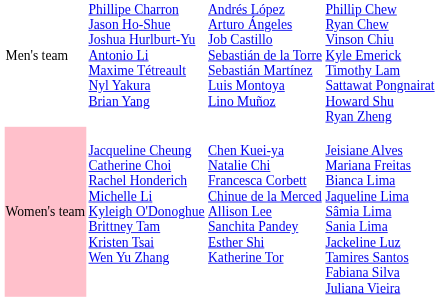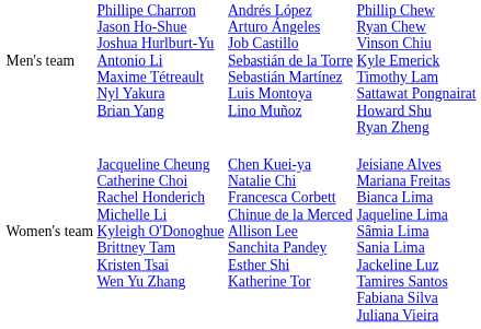 <table>
 <tr>
 <td>Men's team</td>
 <td align="left" valign="top"><br><a href='#'>Phillipe Charron</a><br><a href='#'>Jason Ho-Shue</a><br><a href='#'>Joshua Hurlburt-Yu</a><br><a href='#'>Antonio Li</a><br><a href='#'>Maxime Tétreault</a><br><a href='#'>Nyl Yakura</a><br><a href='#'>Brian Yang</a></td>
 <td align="left" valign="top"><br><a href='#'>Andrés López</a><br><a href='#'>Arturo Ángeles</a><br><a href='#'>Job Castillo</a><br><a href='#'>Sebastián de la Torre</a><br><a href='#'>Sebastián Martínez</a><br><a href='#'>Luis Montoya</a><br><a href='#'>Lino Muñoz</a></td>
 <td align="left" valign="top"><br><a href='#'>Phillip Chew</a><br><a href='#'>Ryan Chew</a><br><a href='#'>Vinson Chiu</a><br><a href='#'>Kyle Emerick</a><br><a href='#'>Timothy Lam</a><br><a href='#'>Sattawat Pongnairat</a><br><a href='#'>Howard Shu</a><br><a href='#'>Ryan Zheng</a></td>
 </tr>
 <tr>
-<td style="background: pink;">Women's team</td>
+<td>Women's team</td>
 <td align="left" valign="top"><br><a href='#'>Jacqueline Cheung</a><br><a href='#'>Catherine Choi</a><br><a href='#'>Rachel Honderich</a><br><a href='#'>Michelle Li</a><br><a href='#'>Kyleigh O'Donoghue</a><br><a href='#'>Brittney Tam</a><br><a href='#'>Kristen Tsai</a><br><a href='#'>Wen Yu Zhang</a></td>
 <td align="left" valign="top"><br><a href='#'>Chen Kuei-ya</a><br><a href='#'>Natalie Chi</a><br><a href='#'>Francesca Corbett</a><br><a href='#'>Chinue de la Merced</a><br><a href='#'>Allison Lee</a><br><a href='#'>Sanchita Pandey</a><br><a href='#'>Esther Shi</a><br><a href='#'>Katherine Tor</a></td>
 <td align="left" valign="top"><br><a href='#'>Jeisiane Alves</a><br><a href='#'>Mariana Freitas</a><br><a href='#'>Bianca Lima</a><br><a href='#'>Jaqueline Lima</a><br><a href='#'>Sâmia Lima</a><br><a href='#'>Sania Lima</a><br><a href='#'>Jackeline Luz</a><br><a href='#'>Tamires Santos</a><br><a href='#'>Fabiana Silva</a><br><a href='#'>Juliana Vieira</a></td>
 </tr>
 </table>
